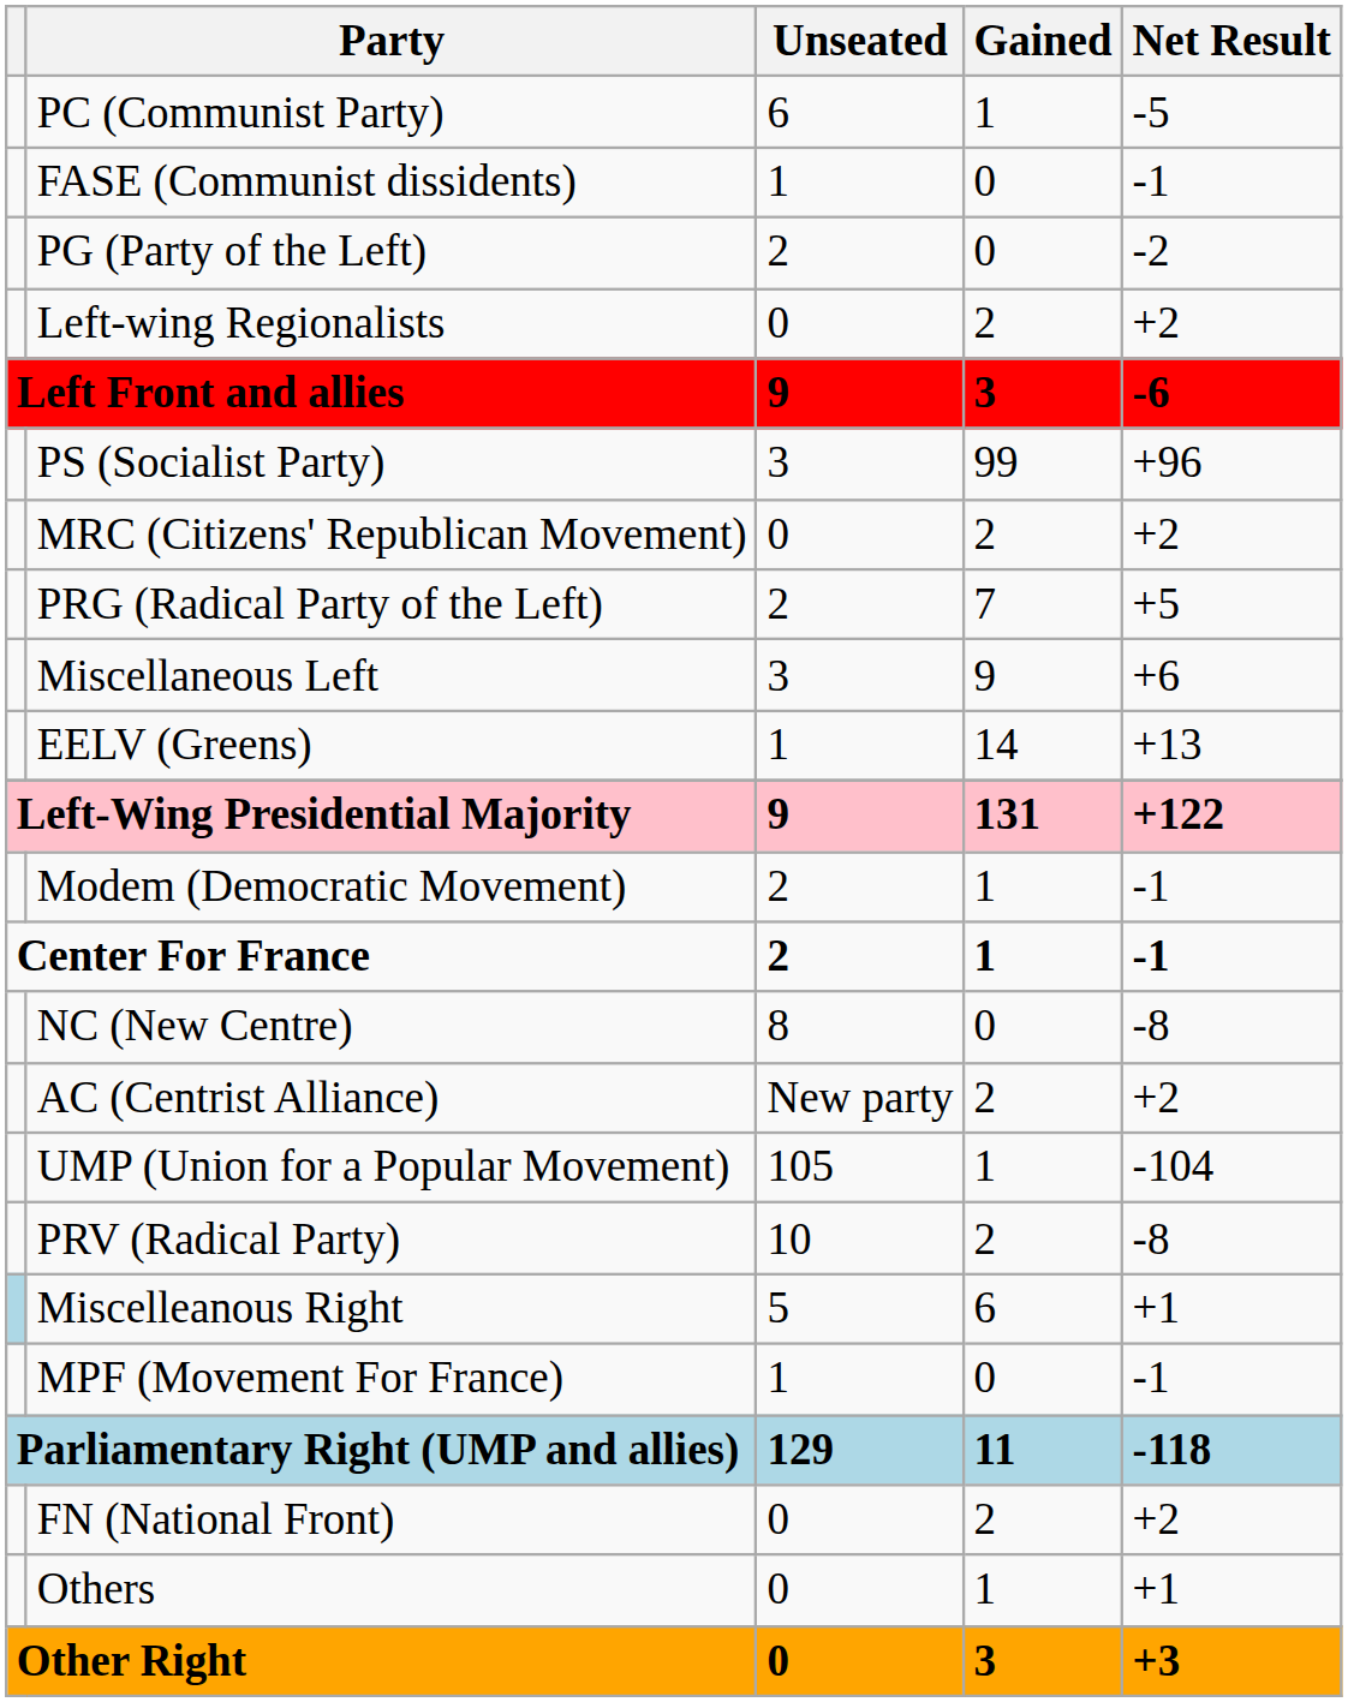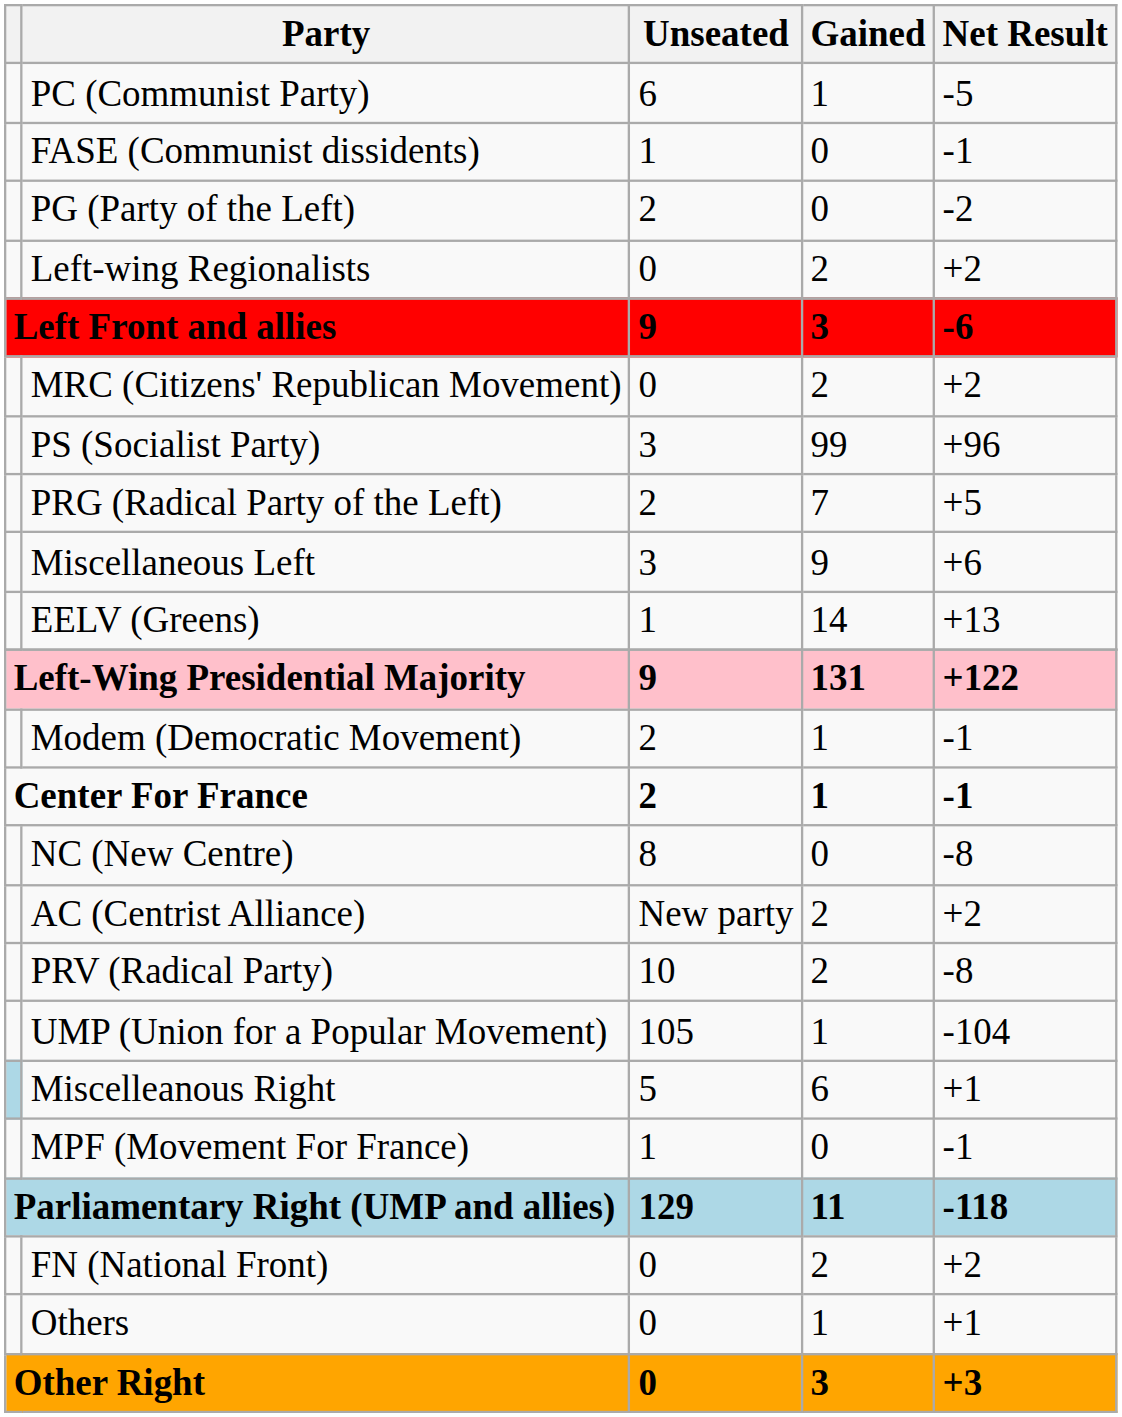 <table class="wikitable">
 <tr>
 <th></th>
 <th>Party</th>
 <th>Unseated</th>
 <th>Gained</th>
 <th>Net Result</th>
 </tr>
 <tr>
 <td></td>
 <td>PC (Communist Party)</td>
 <td>6</td>
 <td>1</td>
 <td>-5</td>
 </tr>
 <tr>
 <td></td>
 <td>FASE (Communist dissidents)</td>
 <td>1</td>
 <td>0</td>
 <td>-1</td>
 </tr>
 <tr>
 <td></td>
 <td>PG (Party of the Left)</td>
 <td>2</td>
 <td>0</td>
 <td>-2</td>
 </tr>
 <tr>
 <td></td>
 <td>Left-wing Regionalists</td>
 <td>0</td>
 <td>2</td>
 <td>+2</td>
 </tr>
 <tr>
 </tr>
 <tr bgcolor="red">
 <td align="left" colspan="2"><strong>Left Front and allies</strong></td>
 <td><strong>9</strong></td>
 <td><strong>3</strong></td>
 <td><strong>-6</strong></td>
 </tr>
 <tr>
 <td></td>
+<td>MRC (Citizens' Republican Movement)</td>
+<td>0</td>
+<td>2</td>
+<td>+2</td>
+</tr>
+<tr>
+<td></td>
 <td>PS (Socialist Party)</td>
 <td>3</td>
 <td>99</td>
 <td>+96</td>
-</tr>
-<tr>
-<td></td>
-<td>MRC (Citizens' Republican Movement)</td>
-<td>0</td>
-<td>2</td>
-<td>+2</td>
 </tr>
 <tr>
 <td></td>
 <td>PRG (Radical Party of the Left)</td>
 <td>2</td>
 <td>7</td>
 <td>+5</td>
 </tr>
 <tr>
 <td></td>
 <td>Miscellaneous Left</td>
 <td>3</td>
 <td>9</td>
 <td>+6</td>
 </tr>
 <tr>
 <td></td>
 <td>EELV (Greens)</td>
 <td>1</td>
 <td>14</td>
 <td>+13</td>
 </tr>
 <tr>
 </tr>
 <tr bgcolor="pink">
 <td align="left" colspan="2"><strong>Left-Wing Presidential Majority</strong></td>
 <td><strong>9</strong></td>
 <td><strong>131</strong></td>
 <td><strong>+122</strong></td>
 </tr>
 <tr>
 <td></td>
 <td>Modem (Democratic Movement)</td>
 <td>2</td>
 <td>1</td>
 <td>-1</td>
 </tr>
 <tr>
 <td align="left" colspan="2"><strong>Center For France</strong></td>
 <td><strong>2</strong></td>
 <td><strong>1</strong></td>
 <td><strong>-1</strong></td>
 </tr>
 <tr>
 <td></td>
 <td>NC (New Centre)</td>
 <td>8</td>
 <td>0</td>
 <td>-8</td>
 </tr>
 <tr>
 <td></td>
 <td>AC (Centrist Alliance)</td>
 <td>New party</td>
 <td>2</td>
 <td>+2</td>
 </tr>
 <tr>
 <td></td>
+<td>PRV (Radical Party)</td>
+<td>10</td>
+<td>2</td>
+<td>-8</td>
+</tr>
+<tr>
+<td></td>
 <td>UMP (Union for a Popular Movement)</td>
 <td>105</td>
 <td>1</td>
 <td>-104</td>
-</tr>
-<tr>
-<td></td>
-<td>PRV (Radical Party)</td>
-<td>10</td>
-<td>2</td>
-<td>-8</td>
 </tr>
 <tr>
 <td bgcolor="lightblue"></td>
 <td>Miscelleanous Right</td>
 <td>5</td>
 <td>6</td>
 <td>+1</td>
 </tr>
 <tr>
 <td></td>
 <td>MPF (Movement For France)</td>
 <td>1</td>
 <td>0</td>
 <td>-1</td>
 </tr>
 <tr bgcolor="lightblue">
 <td align="left" colspan="2"><strong>Parliamentary Right (UMP and allies)</strong></td>
 <td><strong>129</strong></td>
 <td><strong>11</strong></td>
 <td><strong>-118</strong></td>
 </tr>
 <tr>
 <td></td>
 <td>FN (National Front)</td>
 <td>0</td>
 <td>2</td>
 <td>+2</td>
 </tr>
 <tr>
 <td></td>
 <td>Others</td>
 <td>0</td>
 <td>1</td>
 <td>+1</td>
 </tr>
 <tr bgcolor="orange">
 <td align="left" colspan="2"><strong>Other Right</strong></td>
 <td><strong>0</strong></td>
 <td><strong>3</strong></td>
 <td><strong>+3</strong></td>
 </tr>
 </table>
